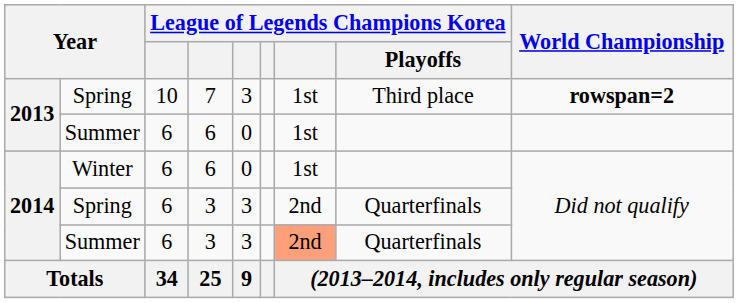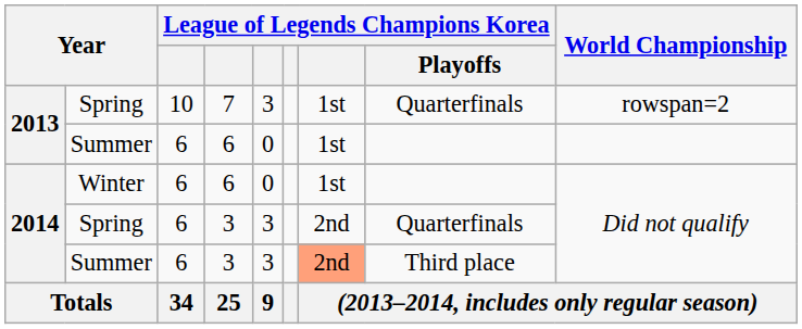 <table class="wikitable sortable" style="font-size:90%; text-align:center; white-space:nowrap">
 <tr>
 <th rowspan=2 colspan=2>Year</th>
 <th colspan=6><a href='#'>League of Legends Champions Korea</a></th>
 <th rowspan=2><a href='#'>World Championship</a></th>
 </tr>
 <tr>
 <th></th>
 <th></th>
 <th></th>
 <th></th>
 <th></th>
 <th>Playoffs</th>
 </tr>
 <tr>
 <th rowspan=2>2013</th>
 <td>Spring</td>
 <td>10</td>
 <td>7</td>
 <td>3</td>
 <td></td>
 <td>1st</td>
-<td>Third place</td>
-<td><strong>rowspan=2 </strong></td>
+<td>Quarterfinals</td>
+<td>rowspan=2 </td>
 </tr>
 <tr>
 <td>Summer</td>
 <td>6</td>
 <td>6</td>
 <td>0</td>
 <td></td>
 <td>1st</td>
 <td></td>
 </tr>
 <tr>
 <th rowspan=3>2014</th>
 <td>Winter</td>
 <td>6</td>
 <td>6</td>
 <td>0</td>
 <td></td>
 <td>1st</td>
 <td></td>
 <td rowspan=3><em>Did not qualify</em></td>
 </tr>
 <tr>
 <td>Spring</td>
 <td>6</td>
 <td>3</td>
 <td>3</td>
 <td></td>
 <td>2nd</td>
 <td>Quarterfinals</td>
 </tr>
 <tr>
 <td>Summer</td>
 <td>6</td>
 <td>3</td>
 <td>3</td>
 <td></td>
 <td style="background: lightsalmon;">2nd</td>
-<td>Quarterfinals</td>
+<td>Third place</td>
 </tr>
 <tr>
 <th colspan=2>Totals</th>
 <th>34</th>
 <th>25</th>
 <th>9</th>
 <th></th>
 <th colspan=4><em>(2013–2014, includes only regular season)</em></th>
 </tr>
 </table>
